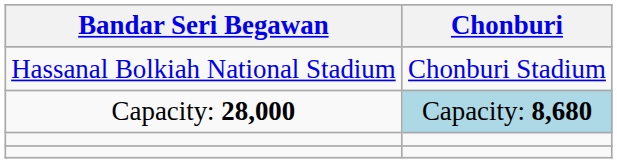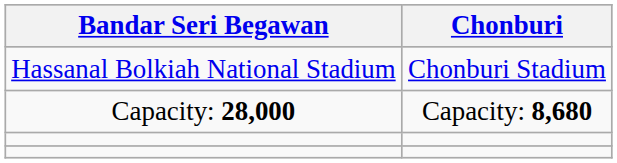 <table class="wikitable" style="text-align:center;margin:1em auto;">
 <tr>
 <th> <a href='#'>Bandar Seri Begawan</a></th>
 <th> <a href='#'>Chonburi</a></th>
 </tr>
 <tr>
 <td><a href='#'>Hassanal Bolkiah National Stadium</a></td>
 <td><a href='#'>Chonburi Stadium</a></td>
 </tr>
 <tr>
 <td>Capacity: <strong>28,000</strong></td>
-<td style="background: lightblue;">Capacity: <strong>8,680</strong></td>
+<td>Capacity: <strong>8,680</strong></td>
 </tr>
 <tr>
 <td></td>
 <td></td>
 </tr>
 <tr>
 <td></td>
 <td></td>
 </tr>
 </table>
